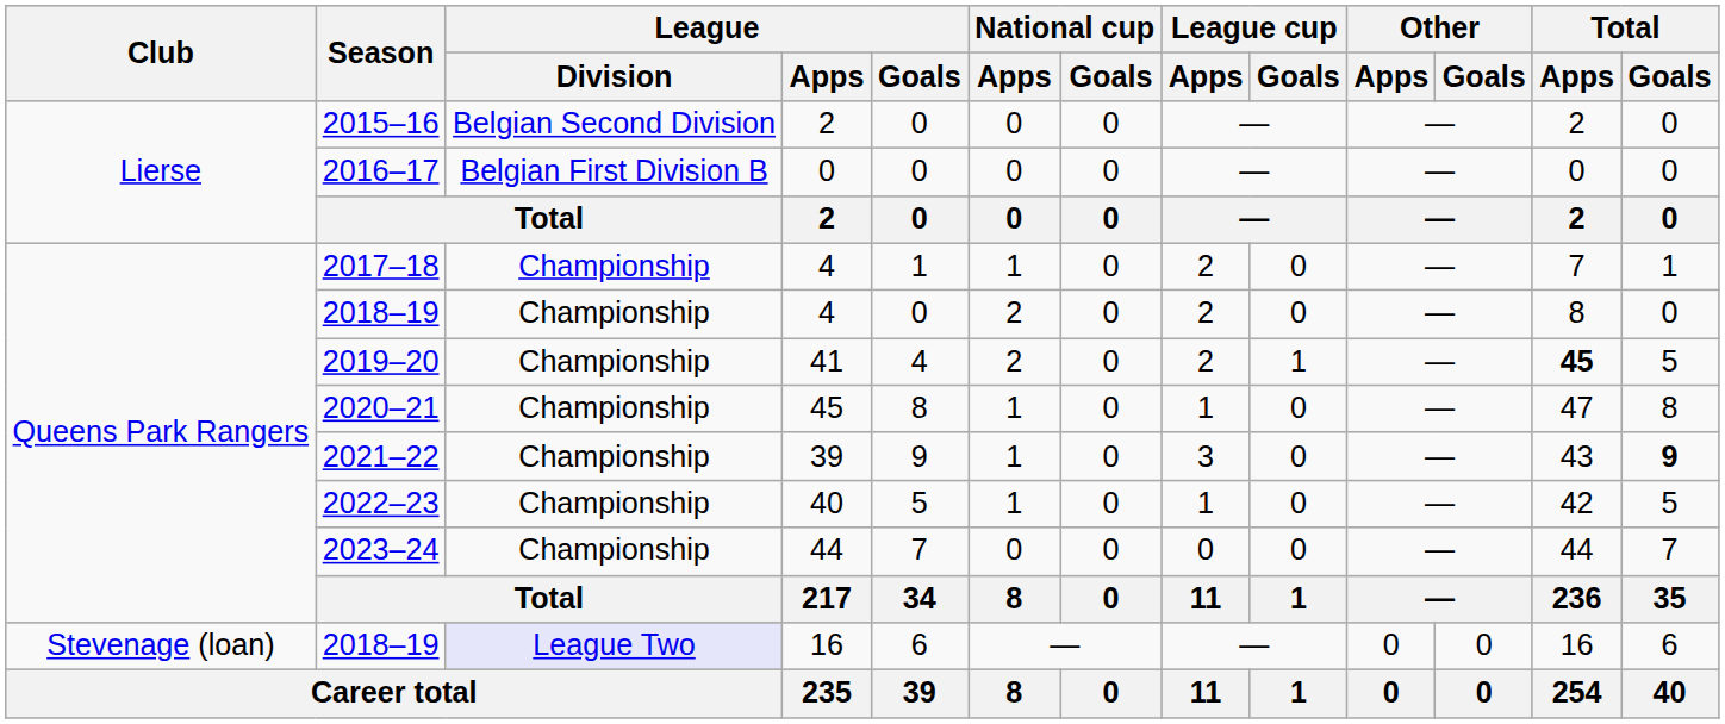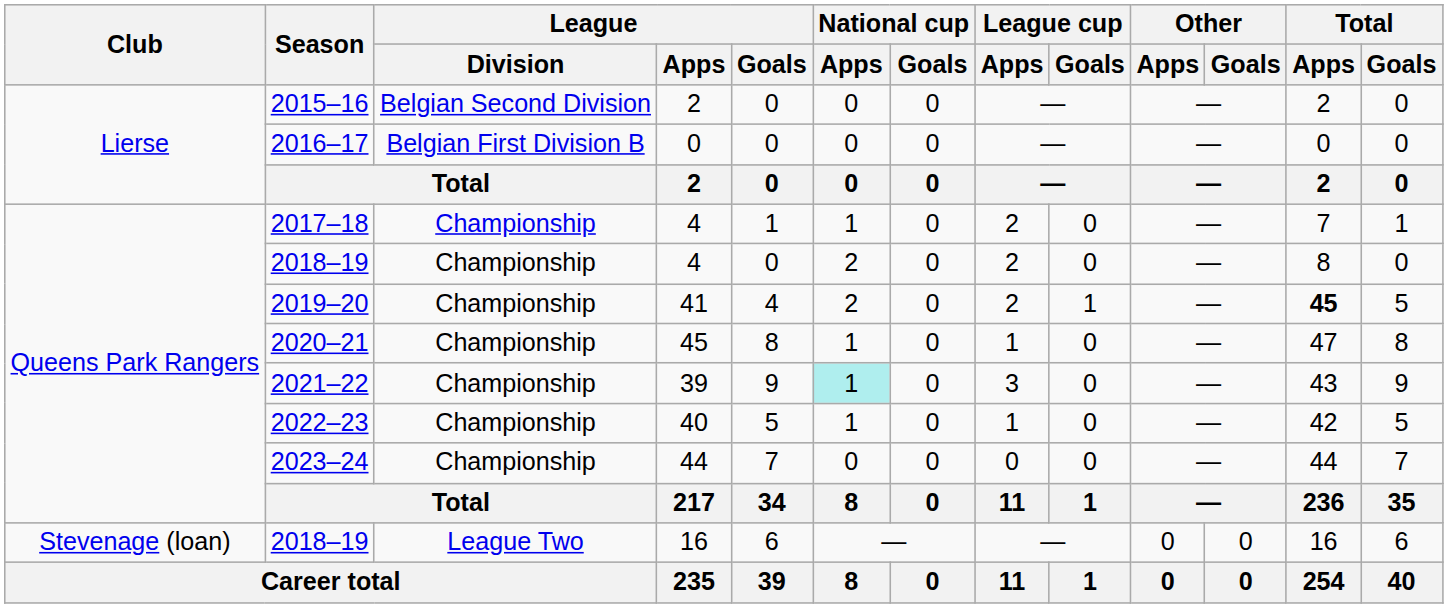 <table class="wikitable" style="text-align:center">
 <tr>
 <th rowspan="2">Club</th>
 <th rowspan="2">Season</th>
 <th colspan="3">League</th>
 <th colspan="2">National cup</th>
 <th colspan="2">League cup</th>
 <th colspan="2">Other</th>
 <th colspan="2">Total</th>
 </tr>
 <tr>
 <th>Division</th>
 <th>Apps</th>
 <th>Goals</th>
 <th>Apps</th>
 <th>Goals</th>
 <th>Apps</th>
 <th>Goals</th>
 <th>Apps</th>
 <th>Goals</th>
 <th>Apps</th>
 <th>Goals</th>
 </tr>
 <tr>
 <td rowspan="3"><a href='#'>Lierse</a></td>
 <td><a href='#'>2015–16</a></td>
 <td><a href='#'>Belgian Second Division</a></td>
 <td>2</td>
 <td>0</td>
 <td>0</td>
 <td>0</td>
 <td colspan="2">—</td>
 <td colspan="2">—</td>
 <td>2</td>
 <td>0</td>
 </tr>
 <tr>
 <td><a href='#'>2016–17</a></td>
 <td><a href='#'>Belgian First Division B</a></td>
 <td>0</td>
 <td>0</td>
 <td>0</td>
 <td>0</td>
 <td colspan="2">—</td>
 <td colspan="2">—</td>
 <td>0</td>
 <td>0</td>
 </tr>
 <tr>
 <th colspan="2">Total</th>
 <th>2</th>
 <th>0</th>
 <th>0</th>
 <th>0</th>
 <th colspan="2">—</th>
 <th colspan="2">—</th>
 <th>2</th>
 <th>0</th>
 </tr>
 <tr>
 <td rowspan="8"><a href='#'>Queens Park Rangers</a></td>
 <td><a href='#'>2017–18</a></td>
 <td><a href='#'>Championship</a></td>
 <td>4</td>
 <td>1</td>
 <td>1</td>
 <td>0</td>
 <td>2</td>
 <td>0</td>
 <td colspan="2">—</td>
 <td>7</td>
 <td>1</td>
 </tr>
 <tr>
 <td><a href='#'>2018–19</a></td>
 <td>Championship</td>
 <td>4</td>
 <td>0</td>
 <td>2</td>
 <td>0</td>
 <td>2</td>
 <td>0</td>
 <td colspan="2">—</td>
 <td>8</td>
 <td>0</td>
 </tr>
 <tr>
 <td><a href='#'>2019–20</a></td>
 <td>Championship</td>
 <td>41</td>
 <td>4</td>
 <td>2</td>
 <td>0</td>
 <td>2</td>
 <td>1</td>
 <td colspan="2">—</td>
 <td><strong>45</strong></td>
 <td>5</td>
 </tr>
 <tr>
 <td><a href='#'>2020–21</a></td>
 <td>Championship</td>
 <td>45</td>
 <td>8</td>
 <td>1</td>
 <td>0</td>
 <td>1</td>
 <td>0</td>
 <td colspan="2">—</td>
 <td>47</td>
 <td>8</td>
 </tr>
 <tr>
 <td><a href='#'>2021–22</a></td>
 <td>Championship</td>
 <td>39</td>
 <td>9</td>
-<td>1</td>
+<td style="background: paleturquoise;">1</td>
 <td>0</td>
 <td>3</td>
 <td>0</td>
 <td colspan="2">—</td>
 <td>43</td>
-<td><strong>9</strong></td>
+<td>9</td>
 </tr>
 <tr>
 <td><a href='#'>2022–23</a></td>
 <td>Championship</td>
 <td>40</td>
 <td>5</td>
 <td>1</td>
 <td>0</td>
 <td>1</td>
 <td>0</td>
 <td colspan="2">—</td>
 <td>42</td>
 <td>5</td>
 </tr>
 <tr>
 <td><a href='#'>2023–24</a></td>
 <td>Championship</td>
 <td>44</td>
 <td>7</td>
 <td>0</td>
 <td>0</td>
 <td>0</td>
 <td>0</td>
 <td colspan="2">—</td>
 <td>44</td>
 <td>7</td>
 </tr>
 <tr>
 <th colspan="2">Total</th>
 <th>217</th>
 <th>34</th>
 <th>8</th>
 <th>0</th>
 <th>11</th>
 <th>1</th>
 <th colspan="2">—</th>
 <th>236</th>
 <th>35</th>
 </tr>
 <tr>
 <td><a href='#'>Stevenage</a> (loan)</td>
 <td><a href='#'>2018–19</a></td>
-<td style="background: lavender;"><a href='#'>League Two</a></td>
+<td><a href='#'>League Two</a></td>
 <td>16</td>
 <td>6</td>
 <td colspan="2">—</td>
 <td colspan="2">—</td>
 <td>0</td>
 <td>0</td>
 <td>16</td>
 <td>6</td>
 </tr>
 <tr>
 <th colspan="3">Career total</th>
 <th>235</th>
 <th>39</th>
 <th>8</th>
 <th>0</th>
 <th>11</th>
 <th>1</th>
 <th>0</th>
 <th>0</th>
 <th>254</th>
 <th>40</th>
 </tr>
 </table>
